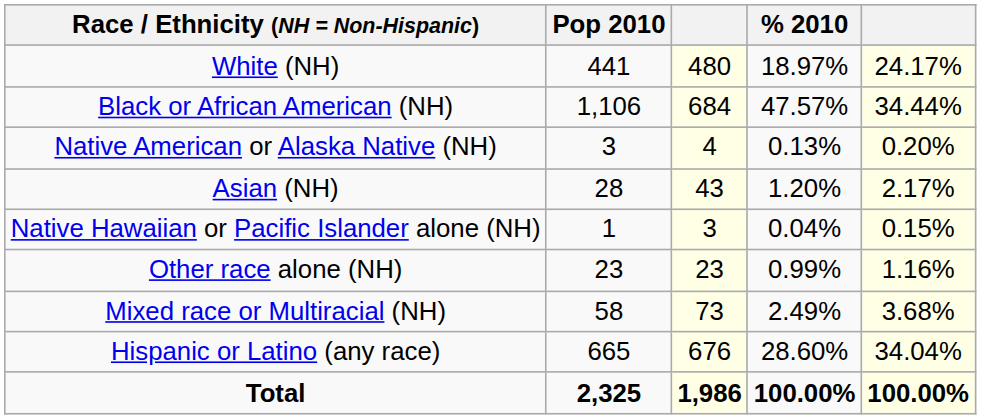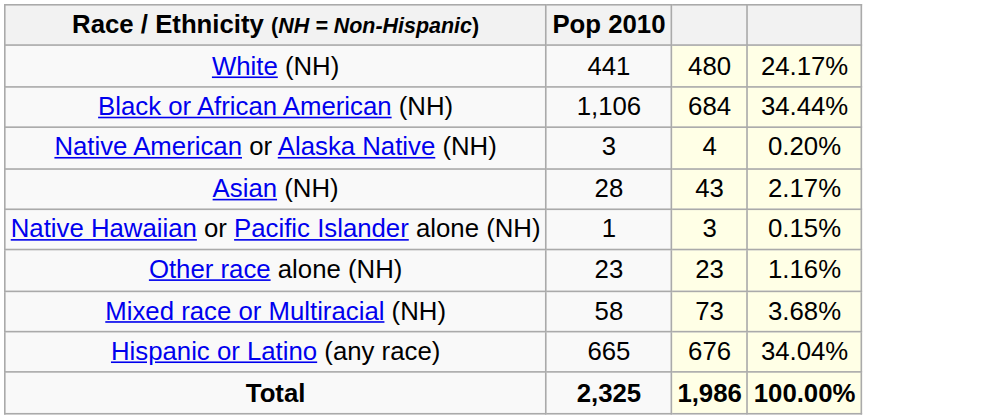 <table class="wikitable" style="text-align:center;">
 <tr>
 <th>Race / Ethnicity <small>(<em>NH = Non-Hispanic</em>)</small></th>
 <th>Pop 2010</th>
 <th></th>
-<th>% 2010</th>
 <th></th>
 </tr>
 <tr>
 <td><a href='#'>White</a> (NH)</td>
 <td>441</td>
 <td style='background: #ffffe6;'>480</td>
-<td>18.97%</td>
 <td style='background: #ffffe6;'>24.17%</td>
 </tr>
 <tr>
 <td><a href='#'>Black or African American</a> (NH)</td>
 <td>1,106</td>
 <td style='background: #ffffe6;'>684</td>
-<td>47.57%</td>
 <td style='background: #ffffe6;'>34.44%</td>
 </tr>
 <tr>
 <td><a href='#'>Native American</a> or <a href='#'>Alaska Native</a> (NH)</td>
 <td>3</td>
 <td style='background: #ffffe6;'>4</td>
-<td>0.13%</td>
 <td style='background: #ffffe6;'>0.20%</td>
 </tr>
 <tr>
 <td><a href='#'>Asian</a> (NH)</td>
 <td>28</td>
 <td style='background: #ffffe6;'>43</td>
-<td>1.20%</td>
 <td style='background: #ffffe6;'>2.17%</td>
 </tr>
 <tr>
 <td><a href='#'>Native Hawaiian</a> or <a href='#'>Pacific Islander</a> alone (NH)</td>
 <td>1</td>
 <td style='background: #ffffe6;'>3</td>
-<td>0.04%</td>
 <td style='background: #ffffe6;'>0.15%</td>
 </tr>
 <tr>
 <td><a href='#'>Other race</a> alone (NH)</td>
 <td>23</td>
 <td style='background: #ffffe6;'>23</td>
-<td>0.99%</td>
 <td style='background: #ffffe6;'>1.16%</td>
 </tr>
 <tr>
 <td><a href='#'>Mixed race or Multiracial</a> (NH)</td>
 <td>58</td>
 <td style='background: #ffffe6;'>73</td>
-<td>2.49%</td>
 <td style='background: #ffffe6;'>3.68%</td>
 </tr>
 <tr>
 <td><a href='#'>Hispanic or Latino</a> (any race)</td>
 <td>665</td>
 <td style='background: #ffffe6;'>676</td>
-<td>28.60%</td>
 <td style='background: #ffffe6;'>34.04%</td>
 </tr>
 <tr>
 <td><strong>Total</strong></td>
 <td><strong>2,325</strong></td>
 <td style='background: #ffffe6;'><strong>1,986</strong></td>
-<td><strong>100.00%</strong></td>
 <td style='background: #ffffe6;'><strong>100.00%</strong></td>
 </tr>
 </table>
